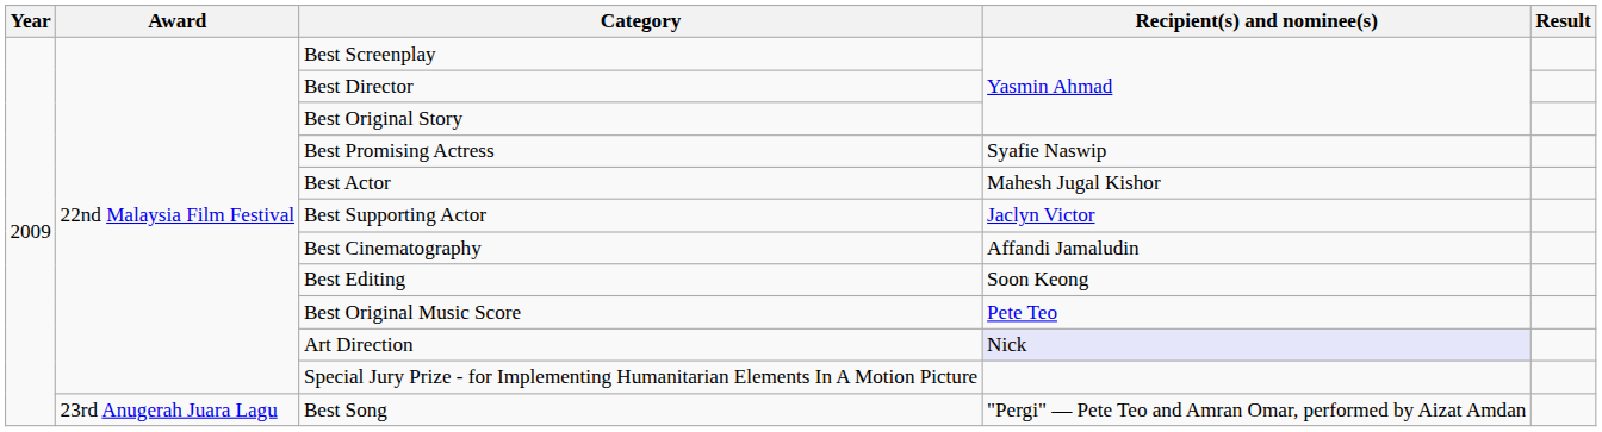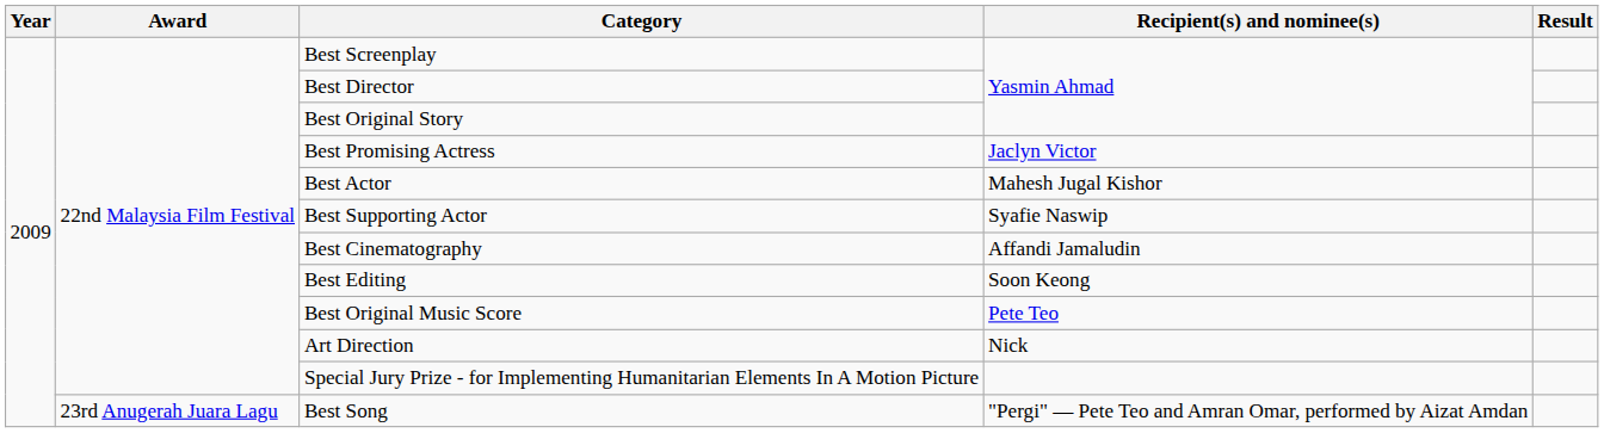 <table class="wikitable">
 <tr>
 <th>Year</th>
 <th>Award</th>
 <th>Category</th>
 <th>Recipient(s) and nominee(s)</th>
 <th>Result</th>
 </tr>
 <tr>
 <td rowspan="12">2009</td>
 <td rowspan="11">22nd <a href='#'>Malaysia Film Festival</a></td>
 <td>Best Screenplay</td>
 <td rowspan="3"><a href='#'>Yasmin Ahmad</a></td>
 <td></td>
 </tr>
 <tr>
 <td>Best Director</td>
 <td></td>
 </tr>
 <tr>
 <td>Best Original Story</td>
 <td></td>
 </tr>
 <tr>
 <td>Best Promising Actress</td>
-<td>Syafie Naswip</td>
+<td><a href='#'>Jaclyn Victor</a></td>
 <td></td>
 </tr>
 <tr>
 <td>Best Actor</td>
 <td>Mahesh Jugal Kishor</td>
 <td></td>
 </tr>
 <tr>
 <td>Best Supporting Actor</td>
-<td><a href='#'>Jaclyn Victor</a></td>
+<td>Syafie Naswip</td>
 <td></td>
 </tr>
 <tr>
 <td>Best Cinematography</td>
 <td>Affandi Jamaludin</td>
 <td></td>
 </tr>
 <tr>
 <td>Best Editing</td>
 <td>Soon Keong</td>
 <td></td>
 </tr>
 <tr>
 <td>Best Original Music Score</td>
 <td><a href='#'>Pete Teo</a></td>
 <td></td>
 </tr>
 <tr>
 <td>Art Direction</td>
-<td style="background: lavender;">Nick</td>
+<td>Nick</td>
 <td></td>
 </tr>
 <tr>
 <td>Special Jury Prize - for Implementing Humanitarian Elements In A Motion Picture</td>
 <td></td>
 <td></td>
 </tr>
 <tr>
 <td>23rd <a href='#'>Anugerah Juara Lagu</a></td>
 <td>Best Song</td>
 <td>"Pergi" — Pete Teo and Amran Omar, performed by Aizat Amdan</td>
 <td></td>
 </tr>
 </table>
